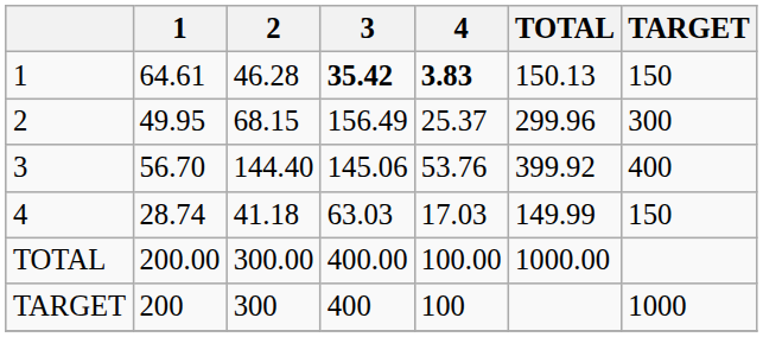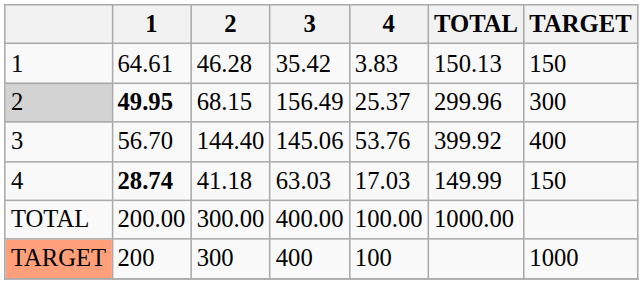 <table class="wikitable" style="margin:1em auto;">
 <tr>
 <th></th>
 <th>1</th>
 <th>2</th>
 <th>3</th>
 <th>4</th>
 <th>TOTAL</th>
 <th>TARGET</th>
 </tr>
 <tr>
 <td>1</td>
 <td>64.61</td>
 <td>46.28</td>
-<td><strong>35.42</strong></td>
-<td><strong>3.83</strong></td>
+<td>35.42</td>
+<td>3.83</td>
 <td>150.13</td>
 <td>150</td>
 </tr>
 <tr>
-<td>2</td>
-<td>49.95</td>
+<td style="background: lightgrey;">2</td>
+<td><strong>49.95</strong></td>
 <td>68.15</td>
 <td>156.49</td>
 <td>25.37</td>
 <td>299.96</td>
 <td>300</td>
 </tr>
 <tr>
 <td>3</td>
 <td>56.70</td>
 <td>144.40</td>
 <td>145.06</td>
 <td>53.76</td>
 <td>399.92</td>
 <td>400</td>
 </tr>
 <tr>
 <td>4</td>
-<td>28.74</td>
+<td><strong>28.74</strong></td>
 <td>41.18</td>
 <td>63.03</td>
 <td>17.03</td>
 <td>149.99</td>
 <td>150</td>
 </tr>
 <tr>
 <td>TOTAL</td>
 <td>200.00</td>
 <td>300.00</td>
 <td>400.00</td>
 <td>100.00</td>
 <td>1000.00</td>
 <td></td>
 </tr>
 <tr>
-<td>TARGET</td>
+<td style="background: lightsalmon;">TARGET</td>
 <td>200</td>
 <td>300</td>
 <td>400</td>
 <td>100</td>
 <td></td>
 <td>1000</td>
 </tr>
 <tr>
 </tr>
 </table>
